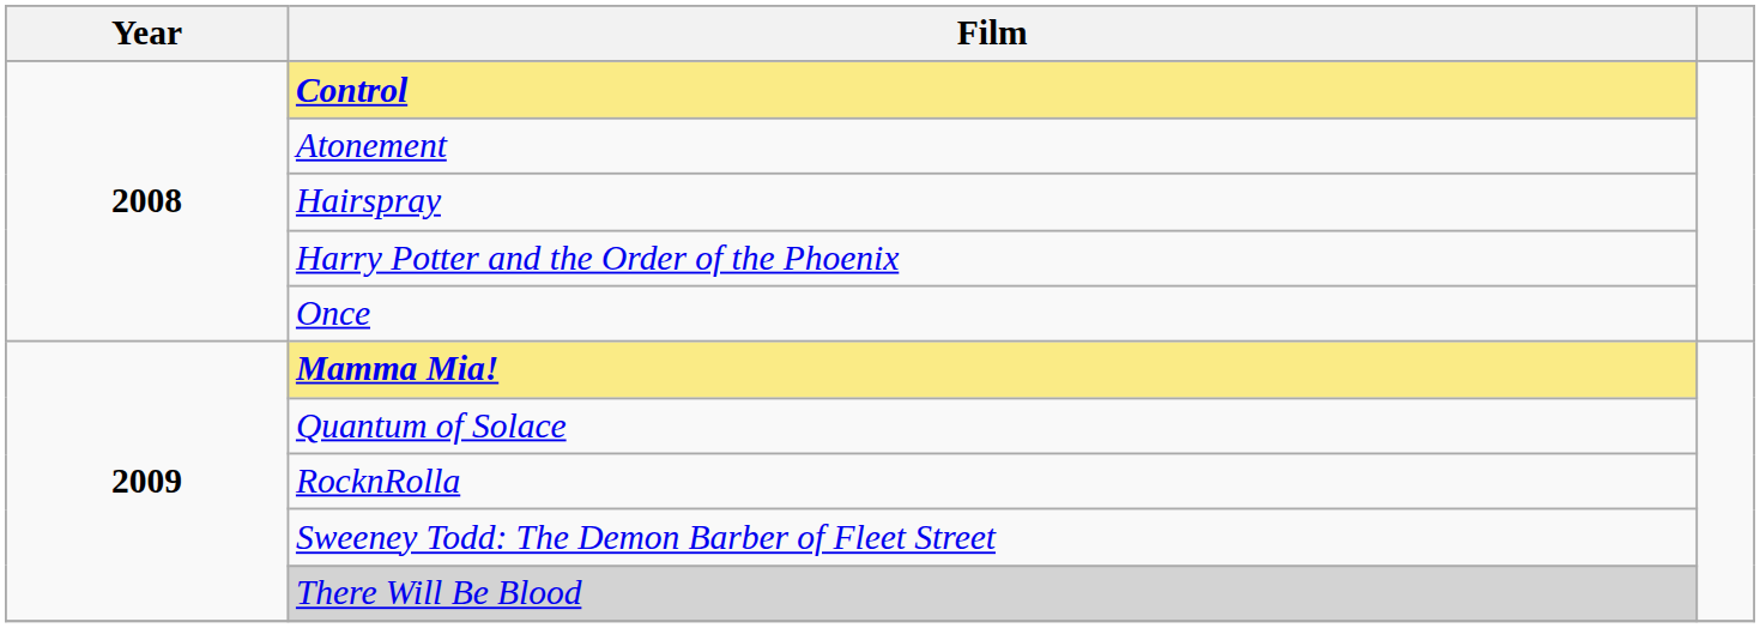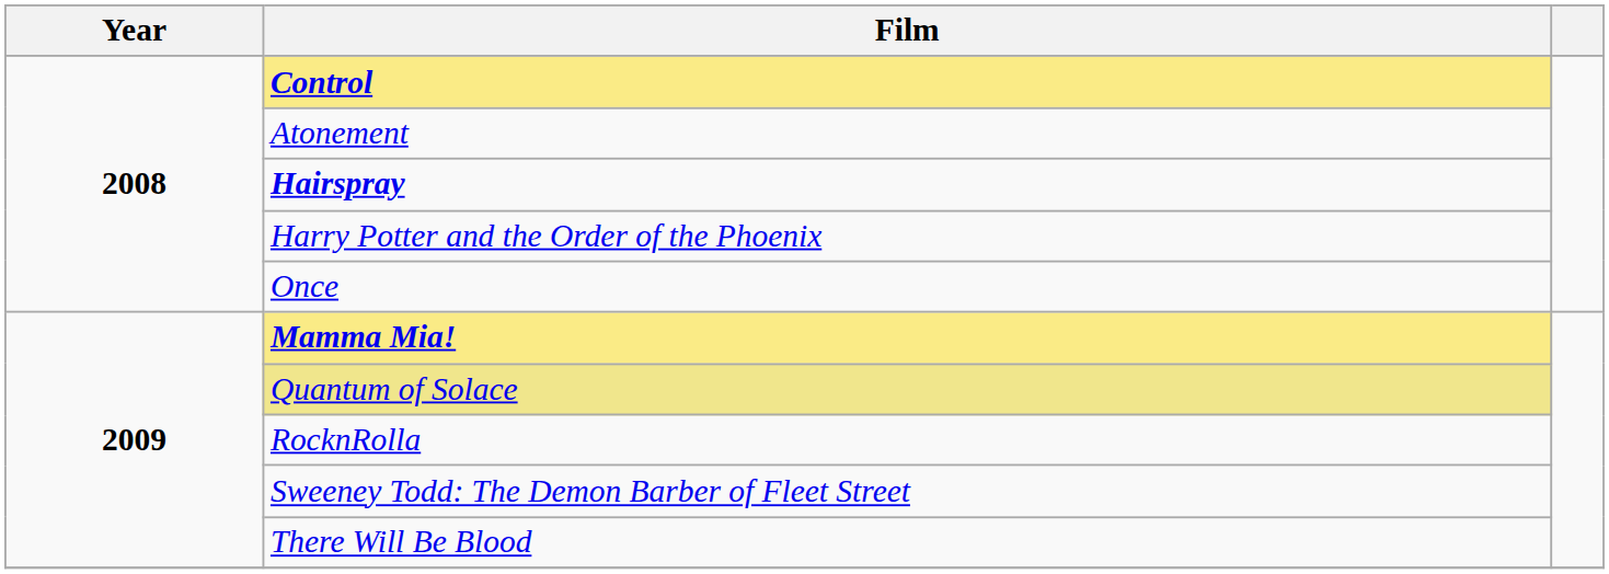 <table class="wikitable" width="40%">
 <tr>
 <th width="10%">Year</th>
 <th width="50%">Film</th>
 <th width="2%"></th>
 </tr>
 <tr>
 <td rowspan="5" style="text-align:center"><strong>2008<br> </strong></td>
 <td style="background:#FAEB86"><strong><em><a href='#'>Control</a></em></strong></td>
 <td rowspan="5" style="text-align:center"></td>
 </tr>
 <tr>
 <td><em><a href='#'>Atonement</a></em></td>
 </tr>
 <tr>
-<td><em><a href='#'>Hairspray</a></em></td>
+<td><strong><em><a href='#'>Hairspray</a></em></strong></td>
 </tr>
 <tr>
 <td><em><a href='#'>Harry Potter and the Order of the Phoenix</a></em></td>
 </tr>
 <tr>
 <td><em><a href='#'>Once</a></em></td>
 </tr>
 <tr>
 <td rowspan="5" style="text-align:center"><strong>2009<br> </strong></td>
 <td style="background:#FAEB86"><strong><em><a href='#'>Mamma Mia!</a></em></strong></td>
 <td rowspan="5" style="text-align:center"></td>
 </tr>
 <tr>
-<td><em><a href='#'>Quantum of Solace</a></em></td>
+<td style="background: khaki;"><em><a href='#'>Quantum of Solace</a></em></td>
 </tr>
 <tr>
 <td><em><a href='#'>RocknRolla</a></em></td>
 </tr>
 <tr>
 <td><em><a href='#'>Sweeney Todd: The Demon Barber of Fleet Street</a></em></td>
 </tr>
 <tr>
-<td style="background: lightgrey;"><em><a href='#'>There Will Be Blood</a></em></td>
+<td><em><a href='#'>There Will Be Blood</a></em></td>
 </tr>
 <tr>
 </tr>
 </table>
